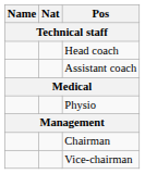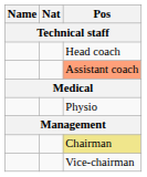 <table class="wikitable ve-ce-branchNode ve-ce-tableNode">
 <tr>
 <th>Name</th>
 <th>Nat</th>
 <th>Pos</th>
 </tr>
 <tr>
 <th colspan="4">Technical staff</th>
 </tr>
 <tr>
 <td></td>
 <td></td>
 <td>Head coach</td>
 </tr>
 <tr>
 <td></td>
 <td></td>
-<td>Assistant coach</td>
+<td style="background: lightsalmon;">Assistant coach</td>
 </tr>
 <tr>
 <th colspan="4">Medical</th>
 </tr>
 <tr>
 <td></td>
 <td></td>
 <td>Physio</td>
 </tr>
 <tr>
 <th colspan="4">Management</th>
 </tr>
 <tr>
 <td></td>
 <td></td>
-<td>Chairman</td>
+<td style="background: khaki;">Chairman</td>
 </tr>
 <tr>
 <td></td>
 <td></td>
 <td>Vice-chairman</td>
 </tr>
 </table>
